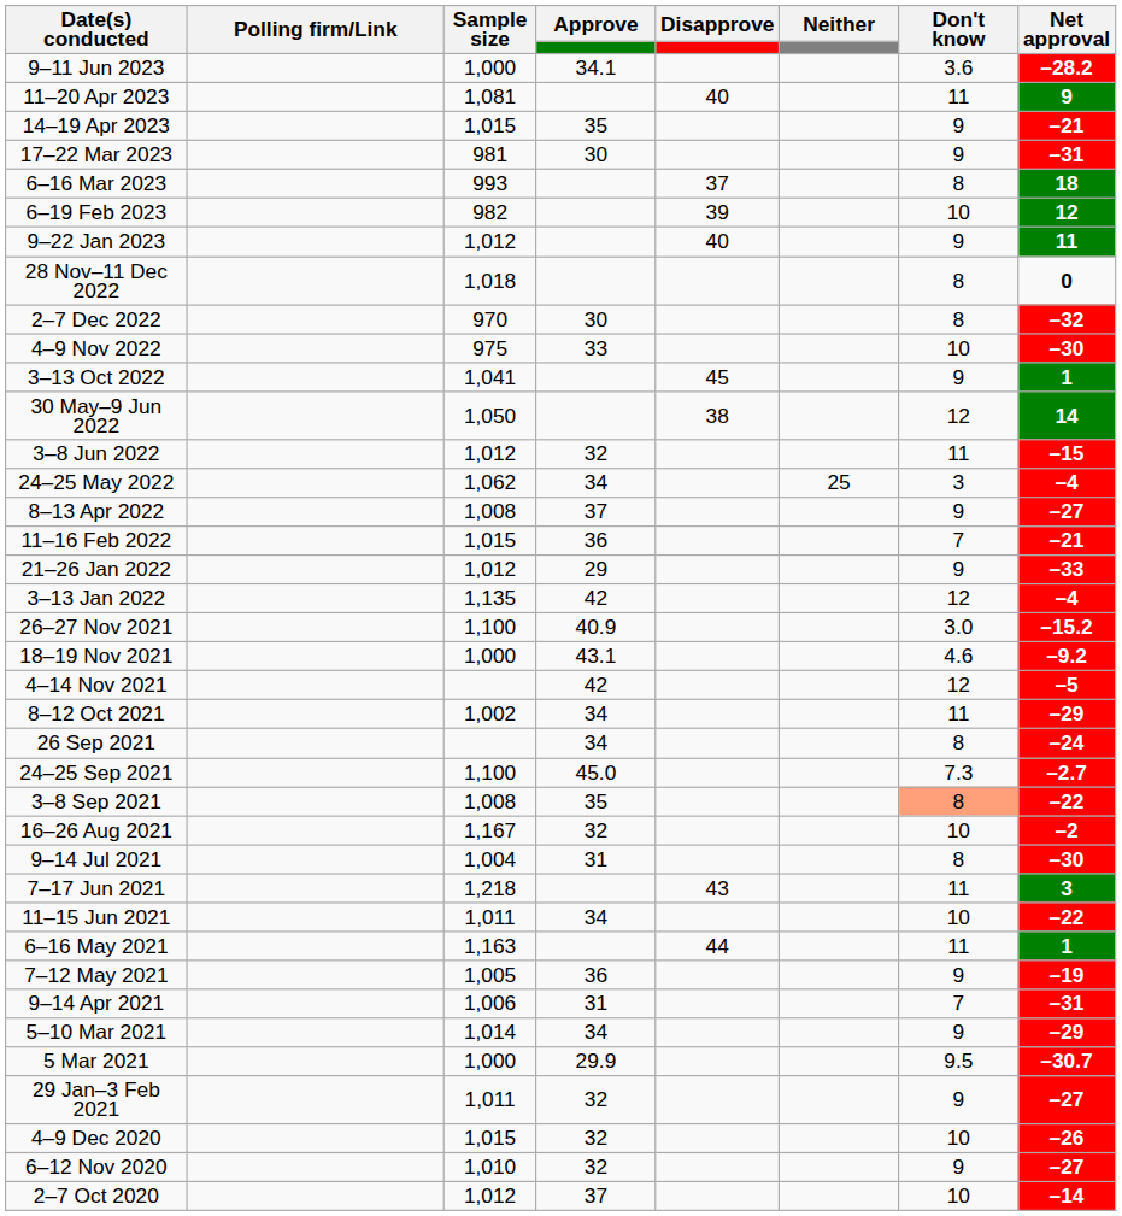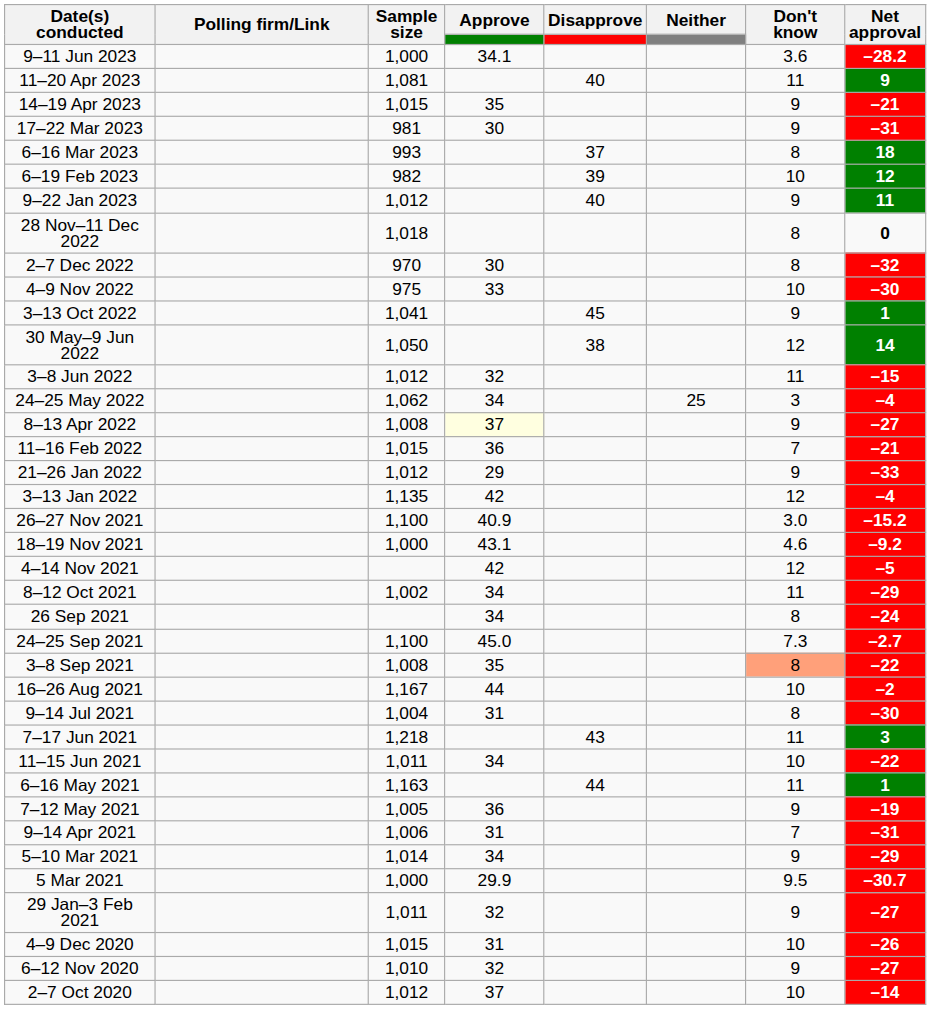 <table class="wikitable collapsible sortable" style="text-align:center; font-size:95%; line-height:14px">
 <tr>
 <th style="width:125px;" rowspan="2">Date(s)<br>conducted</th>
 <th rowspan="2" style="width:180px;">Polling firm/Link</th>
 <th style="width:60px;" rowspan="2">Sample size</th>
 <th class="unsortable" style="width:80px;">Approve</th>
 <th class="unsortable" style="width:80px;">Disapprove</th>
 <th class="unsortable" style="width:80px;">Neither</th>
 <th class="unsortable" style="width:80px;" rowspan="2">Don't know</th>
 <th class="unsortable" style="width:20px;" rowspan="2">Net approval</th>
 </tr>
 <tr>
 <th class="unsortable" style="background:green;width:60px;"></th>
 <th class="unsortable" style="background:red;width:60px;"></th>
 <th class="unsortable" style="background:grey;width:60px;"></th>
 </tr>
 <tr>
 <td data-sort-value="2023-06-11">9–11 Jun 2023</td>
 <td></td>
 <td>1,000</td>
 <td>34.1</td>
 <td></td>
 <td></td>
 <td>3.6</td>
 <td style="background:red;color:white;"><strong>–28.2</strong></td>
 </tr>
 <tr>
 <td data-sort-value="2023-04-20">11–20 Apr 2023</td>
 <td></td>
 <td>1,081</td>
 <td></td>
 <td>40</td>
 <td></td>
 <td>11</td>
 <td style="background:green;color:white;"><strong>9</strong></td>
 </tr>
 <tr>
 <td data-sort-value="2023-04-19">14–19 Apr 2023</td>
 <td></td>
 <td>1,015</td>
 <td>35</td>
 <td></td>
 <td></td>
 <td>9</td>
 <td style="background:red;color:white;"><strong>–21</strong></td>
 </tr>
 <tr>
 <td data-sort-value="2023-03-22">17–22 Mar 2023</td>
 <td></td>
 <td>981</td>
 <td>30</td>
 <td></td>
 <td></td>
 <td>9</td>
 <td style="background:red;color:white;"><strong>–31</strong></td>
 </tr>
 <tr>
 <td data-sort-value="2023-03-16">6–16 Mar 2023</td>
 <td></td>
 <td>993</td>
 <td></td>
 <td>37</td>
 <td></td>
 <td>8</td>
 <td style="background:green;color:white;"><strong>18</strong></td>
 </tr>
 <tr>
 <td data-sort-value="2023-02-19">6–19 Feb 2023</td>
 <td></td>
 <td>982</td>
 <td></td>
 <td>39</td>
 <td></td>
 <td>10</td>
 <td style="background:green;color:white;"><strong>12</strong></td>
 </tr>
 <tr>
 <td data-sort-value="2023-01-22">9–22 Jan 2023</td>
 <td></td>
 <td>1,012</td>
 <td></td>
 <td>40</td>
 <td></td>
 <td>9</td>
 <td style="background:green;color:white;"><strong>11</strong></td>
 </tr>
 <tr>
 <td data-sort-value="2022-12-11">28 Nov–11 Dec 2022</td>
 <td></td>
 <td>1,018</td>
 <td></td>
 <td></td>
 <td></td>
 <td>8</td>
 <td><strong>0</strong></td>
 </tr>
 <tr>
 <td data-sort-value="2022-12-07">2–7 Dec 2022</td>
 <td></td>
 <td>970</td>
 <td>30</td>
 <td></td>
 <td></td>
 <td>8</td>
 <td style="background:red;color:white;"><strong>–32</strong></td>
 </tr>
 <tr>
 <td data-sort-value="2022-11-09">4–9 Nov 2022</td>
 <td></td>
 <td>975</td>
 <td>33</td>
 <td></td>
 <td></td>
 <td>10</td>
 <td style="background:red;color:white;"><strong>–30</strong></td>
 </tr>
 <tr>
 <td data-sort-value="2022-10-13">3–13 Oct 2022</td>
 <td></td>
 <td>1,041</td>
 <td></td>
 <td>45</td>
 <td></td>
 <td>9</td>
 <td style="background:green;color:white;"><strong>1</strong></td>
 </tr>
 <tr>
 <td data-sort-value="2022-06-09">30 May–9 Jun 2022</td>
 <td></td>
 <td>1,050</td>
 <td></td>
 <td>38</td>
 <td></td>
 <td>12</td>
 <td style="background:green;color:white;"><strong>14</strong></td>
 </tr>
 <tr>
 <td data-sort-value="2022-06-08">3–8 Jun 2022</td>
 <td></td>
 <td>1,012</td>
 <td>32</td>
 <td></td>
 <td></td>
 <td>11</td>
 <td style="background:red;color:white;"><strong>–15</strong></td>
 </tr>
 <tr>
 <td data-sort-value="2022–05–25">24–25 May 2022</td>
 <td></td>
 <td>1,062</td>
 <td>34</td>
 <td></td>
 <td>25</td>
 <td>3</td>
 <td style="background:red;color:white;"><strong>–4</strong></td>
 </tr>
 <tr>
 <td data-sort-value="2022–04–13">8–13 Apr 2022</td>
 <td></td>
 <td>1,008</td>
-<td>37</td>
+<td style="background: lightyellow;">37</td>
 <td></td>
 <td></td>
 <td>9</td>
 <td style="background:red;color:white;"><strong>–27</strong></td>
 </tr>
 <tr>
 <td data-sort-value="2022–02–16">11–16 Feb 2022</td>
 <td></td>
 <td>1,015</td>
 <td>36</td>
 <td></td>
 <td></td>
 <td>7</td>
 <td style="background:red;color:white;"><strong>–21</strong></td>
 </tr>
 <tr>
 <td data-sort-value="2022–01–26">21–26 Jan 2022</td>
 <td></td>
 <td>1,012</td>
 <td>29</td>
 <td></td>
 <td></td>
 <td>9</td>
 <td style="background:red;color:white;"><strong>–33</strong></td>
 </tr>
 <tr>
 <td data-sort-value="2022-01-13">3–13 Jan 2022</td>
 <td></td>
 <td>1,135</td>
 <td>42</td>
 <td></td>
 <td></td>
 <td>12</td>
 <td style="background:red;color:white;"><strong>–4</strong></td>
 </tr>
 <tr>
 <td data-sort-value="2021-11-27">26–27 Nov 2021</td>
 <td></td>
 <td>1,100</td>
 <td>40.9</td>
 <td></td>
 <td></td>
 <td>3.0</td>
 <td style="background:red;color:white;"><strong>–15.2</strong></td>
 </tr>
 <tr>
 <td data-sort-value="2021–11–19">18–19 Nov 2021</td>
 <td></td>
 <td>1,000</td>
 <td>43.1</td>
 <td></td>
 <td></td>
 <td>4.6</td>
 <td style="background:red;color:white;"><strong>–9.2</strong></td>
 </tr>
 <tr>
 <td data-sort-value="2021–11–14">4–14 Nov 2021</td>
 <td></td>
 <td></td>
 <td>42</td>
 <td></td>
 <td></td>
 <td>12</td>
 <td style="background:red;color:white;"><strong>–5</strong></td>
 </tr>
 <tr>
 <td data-sort-value="2021–10–12">8–12 Oct 2021</td>
 <td></td>
 <td>1,002</td>
 <td>34</td>
 <td></td>
 <td></td>
 <td>11</td>
 <td style="background:red;color:white;"><strong>–29</strong></td>
 </tr>
 <tr>
 <td data-sort-value="2021–09–26">26 Sep 2021</td>
 <td></td>
 <td></td>
 <td>34</td>
 <td></td>
 <td></td>
 <td>8</td>
 <td style="background:red;color:white;"><strong>–24</strong></td>
 </tr>
 <tr>
 <td data-sort-value="2021–09–25">24–25 Sep 2021</td>
 <td></td>
 <td>1,100</td>
 <td>45.0</td>
 <td></td>
 <td></td>
 <td>7.3</td>
 <td style="background:red;color:white;"><strong>–2.7</strong></td>
 </tr>
 <tr>
 <td data-sort-value="2021–00–08">3–8 Sep 2021</td>
 <td></td>
 <td>1,008</td>
 <td>35</td>
 <td></td>
 <td></td>
 <td style="background: lightsalmon;">8</td>
 <td style="background:red;color:white;"><strong>–22</strong></td>
 </tr>
 <tr>
 <td data-sort-value="2021–08–26">16–26 Aug 2021</td>
 <td></td>
 <td>1,167</td>
-<td>32</td>
+<td>44</td>
 <td></td>
 <td></td>
 <td>10</td>
 <td style="background:red;color:white;"><strong>–2</strong></td>
 </tr>
 <tr>
 <td data-sort-value="2021–07–14">9–14 Jul 2021</td>
 <td></td>
 <td>1,004</td>
 <td>31</td>
 <td></td>
 <td></td>
 <td>8</td>
 <td style="background:red;color:white;"><strong>–30</strong></td>
 </tr>
 <tr>
 <td data-sort-value="2021–06–17">7–17 Jun 2021</td>
 <td></td>
 <td>1,218</td>
 <td></td>
 <td>43</td>
 <td></td>
 <td>11</td>
 <td style="background:green;color:white;"><strong>3</strong></td>
 </tr>
 <tr>
 <td data-sort-value="2021–06–15">11–15 Jun 2021</td>
 <td></td>
 <td>1,011</td>
 <td>34</td>
 <td></td>
 <td></td>
 <td>10</td>
 <td style="background:red;color:white;"><strong>–22</strong></td>
 </tr>
 <tr>
 <td data-sort-value="2021–05–16">6–16 May 2021</td>
 <td></td>
 <td>1,163</td>
 <td></td>
 <td>44</td>
 <td></td>
 <td>11</td>
 <td style="background:green;color:white;"><strong>1</strong></td>
 </tr>
 <tr>
 <td data-sort-value="2021–05–12">7–12 May 2021</td>
 <td></td>
 <td>1,005</td>
 <td>36</td>
 <td></td>
 <td></td>
 <td>9</td>
 <td style="background:red;color:white;"><strong>–19</strong></td>
 </tr>
 <tr>
 <td data-sort-value="2021–04–14">9–14 Apr 2021</td>
 <td></td>
 <td>1,006</td>
 <td>31</td>
 <td></td>
 <td></td>
 <td>7</td>
 <td style="background:red;color:white;"><strong>–31</strong></td>
 </tr>
 <tr>
 <td data-sort-value="2021–03–10">5–10 Mar 2021</td>
 <td></td>
 <td>1,014</td>
 <td>34</td>
 <td></td>
 <td></td>
 <td>9</td>
 <td style="background:red;color:white;"><strong>–29</strong></td>
 </tr>
 <tr>
 <td>5 Mar 2021</td>
 <td></td>
 <td>1,000</td>
 <td>29.9</td>
 <td></td>
 <td></td>
 <td>9.5</td>
 <td style="background:red;color:white;"><strong>–30.7</strong></td>
 </tr>
 <tr>
 <td data-sort-value="2020–02–03">29 Jan–3 Feb 2021</td>
 <td></td>
 <td>1,011</td>
 <td>32</td>
 <td></td>
 <td></td>
 <td>9</td>
 <td style="background:red;color:white;"><strong>–27</strong></td>
 </tr>
 <tr>
 <td data-sort-value="2020–12–12">4–9 Dec 2020</td>
 <td></td>
 <td>1,015</td>
-<td>32</td>
+<td>31</td>
 <td></td>
 <td></td>
 <td>10</td>
 <td style="background:red;color:white;"><strong>–26</strong></td>
 </tr>
 <tr>
 <td data-sort-value="2020–11–12">6–12 Nov 2020</td>
 <td></td>
 <td>1,010</td>
 <td>32</td>
 <td></td>
 <td></td>
 <td>9</td>
 <td style="background:red;color:white;"><strong>–27</strong></td>
 </tr>
 <tr>
 <td data-sort-value="2020–10–07">2–7 Oct 2020</td>
 <td></td>
 <td>1,012</td>
 <td>37</td>
 <td></td>
 <td></td>
 <td>10</td>
 <td style="background:red;color:white;"><strong>–14</strong></td>
 </tr>
 </table>
